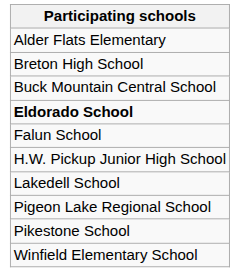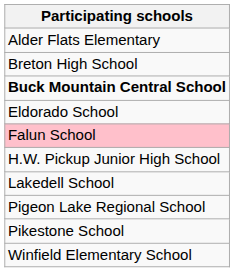 <table class="wikitable" align=right>
 <tr>
 <th>Participating schools</th>
 </tr>
 <tr>
 <td>Alder Flats Elementary</td>
 </tr>
 <tr>
 <td>Breton High School</td>
 </tr>
 <tr>
-<td>Buck Mountain Central School</td>
+<td><strong>Buck Mountain Central School</strong></td>
 </tr>
 <tr>
-<td><strong>Eldorado School</strong></td>
+<td>Eldorado School</td>
 </tr>
 <tr>
-<td>Falun School</td>
+<td style="background: pink;">Falun School</td>
 </tr>
 <tr>
 <td>H.W. Pickup Junior High School</td>
 </tr>
 <tr>
 <td>Lakedell School</td>
 </tr>
 <tr>
 <td>Pigeon Lake Regional School</td>
 </tr>
 <tr>
 <td>Pikestone School</td>
 </tr>
 <tr>
 <td>Winfield Elementary School</td>
 </tr>
 </table>
